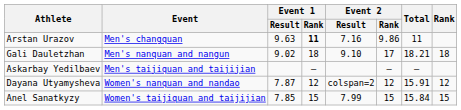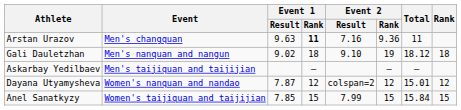 <table class=wikitable style=font-size:90%;text-align:center>
 <tr>
 <th rowspan="2">Athlete</th>
 <th rowspan="2">Event</th>
 <th colspan="2">Event 1</th>
 <th colspan="2">Event 2</th>
 <th rowspan="2">Total</th>
 <th rowspan="2">Rank</th>
 </tr>
 <tr style="font-size:95%">
 <th>Result</th>
 <th>Rank</th>
 <th>Result</th>
 <th>Rank</th>
 </tr>
 <tr>
 <td align=left>Arstan Urazov</td>
 <td align=left><a href='#'>Men's changquan</a></td>
 <td>9.63</td>
 <td><strong>11</strong></td>
 <td>7.16</td>
-<td>9.86</td>
+<td>9.36</td>
 <td>11</td>
 </tr>
 <tr>
 <td align=left>Gali Dauletzhan</td>
 <td align=left><a href='#'>Men's nanquan and nangun</a></td>
 <td>9.02</td>
 <td>18</td>
 <td>9.10</td>
-<td>17</td>
-<td>18.21</td>
+<td>19</td>
+<td>18.12</td>
 <td>18</td>
 </tr>
 <tr>
 <td align=left>Askarbay Yedilbaev</td>
 <td align=left><a href='#'>Men's taijiquan and taijijian</a></td>
 <td></td>
 <td>—</td>
 <td></td>
 <td>—</td>
 <td>—</td>
 <td></td>
 </tr>
 <tr>
 <td align=left>Dayana Utyamysheva</td>
 <td align=left><a href='#'>Women's nanquan and nandao</a></td>
 <td>7.87</td>
 <td>12</td>
 <td>colspan=2 </td>
 <td>12</td>
-<td>15.91</td>
+<td>15.01</td>
 <td>12</td>
 </tr>
 <tr>
 <td align=left>Anel Sanatkyzy</td>
 <td align=left><a href='#'>Women's taijiquan and taijijian</a></td>
 <td>7.85</td>
 <td>15</td>
 <td>7.99</td>
 <td>15</td>
 <td>15.84</td>
 <td>15</td>
 </tr>
 </table>
